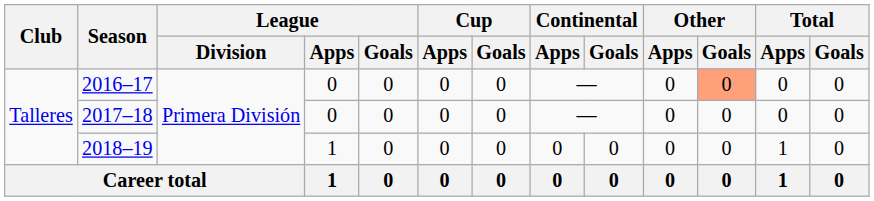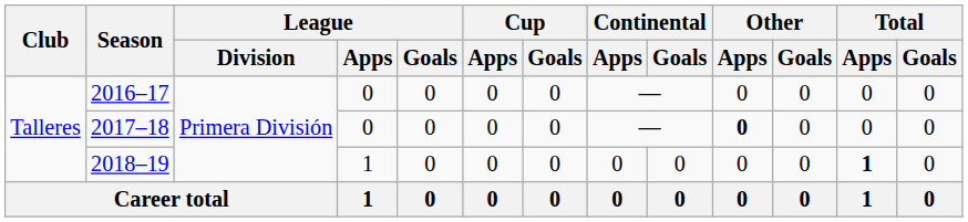 <table class="wikitable" style="text-align:center">
 <tr>
 <th rowspan="2">Club</th>
 <th rowspan="2">Season</th>
 <th colspan="3">League</th>
 <th colspan="2">Cup</th>
 <th colspan="2">Continental</th>
 <th colspan="2">Other</th>
 <th colspan="2">Total</th>
 </tr>
 <tr>
 <th>Division</th>
 <th>Apps</th>
 <th>Goals</th>
 <th>Apps</th>
 <th>Goals</th>
 <th>Apps</th>
 <th>Goals</th>
 <th>Apps</th>
 <th>Goals</th>
 <th>Apps</th>
 <th>Goals</th>
 </tr>
 <tr>
 <td rowspan="3"><a href='#'>Talleres</a></td>
 <td><a href='#'>2016–17</a></td>
 <td rowspan="3"><a href='#'>Primera División</a></td>
 <td>0</td>
 <td>0</td>
 <td>0</td>
 <td>0</td>
 <td colspan="2">—</td>
 <td>0</td>
-<td style="background: lightsalmon;">0</td>
+<td>0</td>
 <td>0</td>
 <td>0</td>
 </tr>
 <tr>
 <td><a href='#'>2017–18</a></td>
 <td>0</td>
 <td>0</td>
 <td>0</td>
 <td>0</td>
 <td colspan="2">—</td>
-<td>0</td>
+<td><strong>0</strong></td>
 <td>0</td>
 <td>0</td>
 <td>0</td>
 </tr>
 <tr>
 <td><a href='#'>2018–19</a></td>
 <td>1</td>
 <td>0</td>
 <td>0</td>
 <td>0</td>
 <td>0</td>
 <td>0</td>
 <td>0</td>
 <td>0</td>
-<td>1</td>
+<td><strong>1</strong></td>
 <td>0</td>
 </tr>
 <tr>
 <th colspan="3">Career total</th>
 <th>1</th>
 <th>0</th>
 <th>0</th>
 <th>0</th>
 <th>0</th>
 <th>0</th>
 <th>0</th>
 <th>0</th>
 <th>1</th>
 <th>0</th>
 </tr>
 </table>
